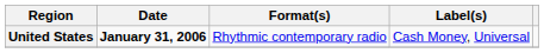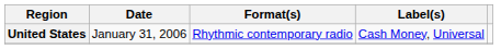 <table class="wikitable plainrowheaders">
 <tr>
 <th scope="col">Region</th>
 <th scope="col">Date</th>
 <th scope="col">Format(s)</th>
 <th scope="col">Label(s)</th>
 <th scope="col"></th>
 </tr>
 <tr>
 <th scope="row">United States</th>
-<td><strong>January 31, 2006</strong></td>
+<td>January 31, 2006</td>
 <td><a href='#'>Rhythmic contemporary radio</a></td>
 <td><a href='#'>Cash Money</a>, <a href='#'>Universal</a></td>
 <td align="center"></td>
 </tr>
 <tr>
 </tr>
 </table>
